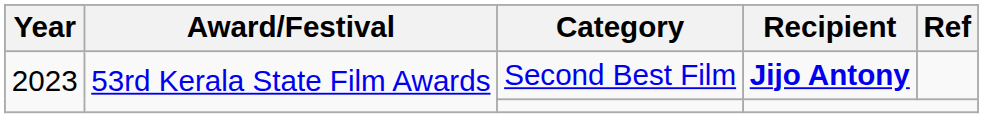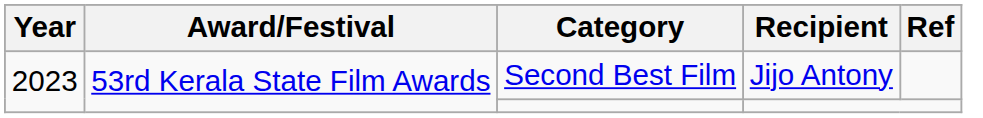 <table class="wikitable">
 <tr>
 <th>Year</th>
 <th>Award/Festival</th>
 <th>Category</th>
 <th>Recipient</th>
 <th>Ref</th>
 </tr>
 <tr>
 <td rowspan="2">2023</td>
 <td rowspan="2"><a href='#'>53rd Kerala State Film Awards</a></td>
 <td><a href='#'>Second Best Film</a></td>
-<td><strong><a href='#'>Jijo Antony</a></strong></td>
+<td><a href='#'>Jijo Antony</a></td>
 <td></td>
 </tr>
 <tr>
 <td></td>
 </tr>
 </table>
